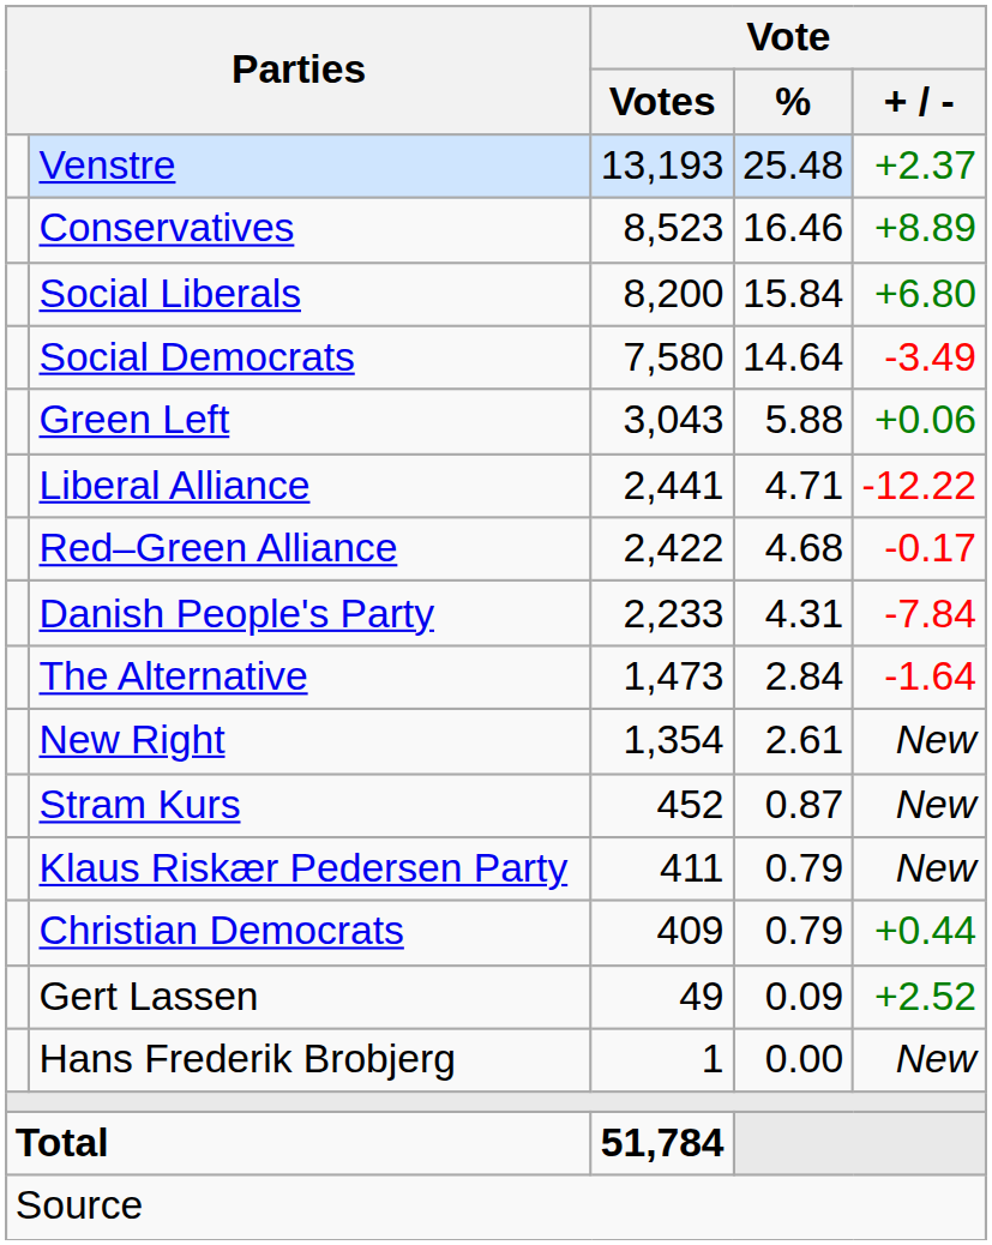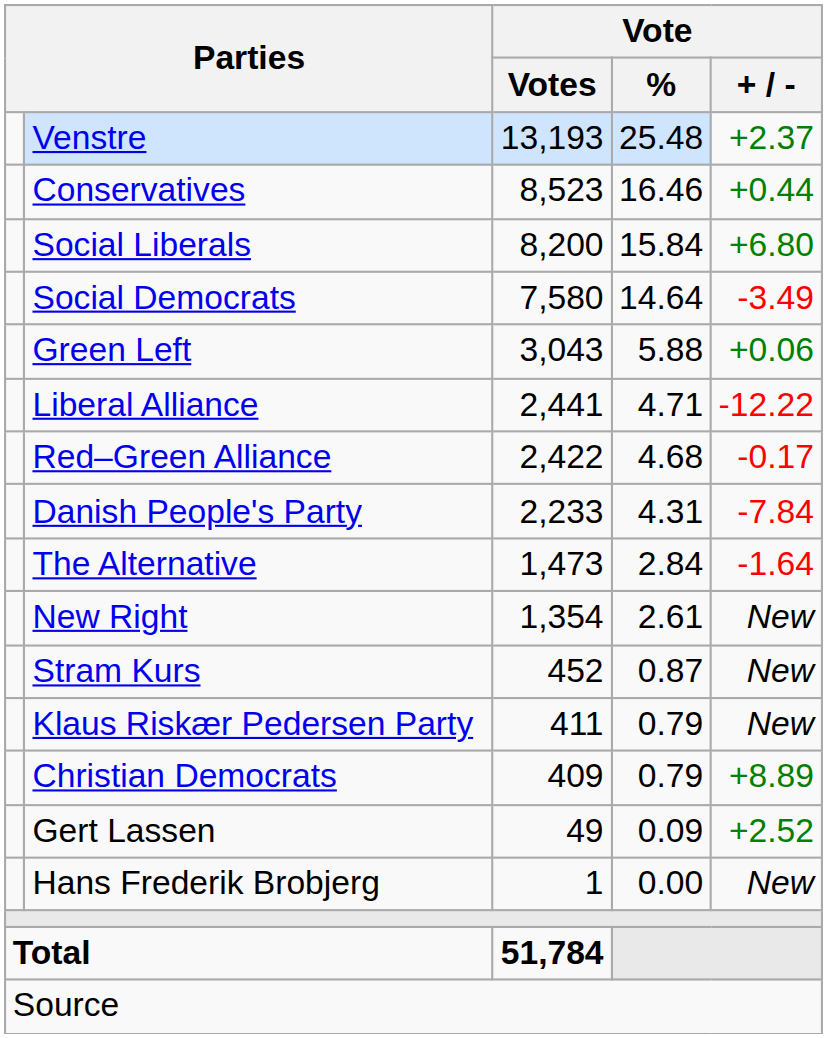 <table class="wikitable" style="text-align:right;">
 <tr>
 <th style="text-align:centre;" rowspan="2" colspan="2" width="225">Parties</th>
 <th colspan="3">Vote</th>
 </tr>
 <tr>
 <th width="15">Votes</th>
 <th width="15">%</th>
 <th width="15">+ / -</th>
 </tr>
 <tr>
 <td width="2" style="color:inherit;background:"></td>
 <td bgcolor=#cfe5fe  align="left"><a href='#'>Venstre</a></td>
 <td bgcolor=#cfe5fe>13,193</td>
 <td bgcolor=#cfe5fe>25.48</td>
 <td style=color:green;>+2.37</td>
 </tr>
 <tr>
 <td width="2" style="color:inherit;background:"></td>
 <td align="left"><a href='#'>Conservatives</a></td>
 <td>8,523</td>
 <td>16.46</td>
-<td style=color:green;>+8.89</td>
+<td style=color:green;>+0.44</td>
 </tr>
 <tr>
 <td width="2" style="color:inherit;background:"></td>
 <td align="left"><a href='#'>Social Liberals</a></td>
 <td>8,200</td>
 <td>15.84</td>
 <td style=color:green;>+6.80</td>
 </tr>
 <tr>
 <td width="2" style="color:inherit;background:"></td>
 <td align="left"><a href='#'>Social Democrats</a></td>
 <td>7,580</td>
 <td>14.64</td>
 <td style=color:red;>-3.49</td>
 </tr>
 <tr>
 <td width="2" style="color:inherit;background:"></td>
 <td align="left"><a href='#'>Green Left</a></td>
 <td>3,043</td>
 <td>5.88</td>
 <td style=color:green;>+0.06</td>
 </tr>
 <tr>
 <td width="2" style="color:inherit;background:"></td>
 <td align="left"><a href='#'>Liberal Alliance</a></td>
 <td>2,441</td>
 <td>4.71</td>
 <td style=color:red;>-12.22</td>
 </tr>
 <tr>
 <td width="2" style="color:inherit;background:"></td>
 <td align="left"><a href='#'>Red–Green Alliance</a></td>
 <td>2,422</td>
 <td>4.68</td>
 <td style=color:red;>-0.17</td>
 </tr>
 <tr>
 <td width="2" style="color:inherit;background:"></td>
 <td align="left"><a href='#'>Danish People's Party</a></td>
 <td>2,233</td>
 <td>4.31</td>
 <td style=color:red;>-7.84</td>
 </tr>
 <tr>
 <td width="2" style="color:inherit;background:"></td>
 <td align="left"><a href='#'>The Alternative</a></td>
 <td>1,473</td>
 <td>2.84</td>
 <td style=color:red;>-1.64</td>
 </tr>
 <tr>
 <td width="2" style="color:inherit;background:"></td>
 <td align="left"><a href='#'>New Right</a></td>
 <td>1,354</td>
 <td>2.61</td>
 <td><em>New</em></td>
 </tr>
 <tr>
 <td width="2" style="color:inherit;background:"></td>
 <td align="left"><a href='#'>Stram Kurs</a></td>
 <td>452</td>
 <td>0.87</td>
 <td><em>New</em></td>
 </tr>
 <tr>
 <td width="2" style="color:inherit;background:"></td>
 <td align="left"><a href='#'>Klaus Riskær Pedersen Party</a></td>
 <td>411</td>
 <td>0.79</td>
 <td><em>New</em></td>
 </tr>
 <tr>
 <td width="2" style="color:inherit;background:"></td>
 <td align="left"><a href='#'>Christian Democrats</a></td>
 <td>409</td>
 <td>0.79</td>
-<td style=color:green;>+0.44</td>
+<td style=color:green;>+8.89</td>
 </tr>
 <tr>
 <td width="2" style="color:inherit;background:"></td>
 <td align="left">Gert Lassen</td>
 <td>49</td>
 <td>0.09</td>
 <td style=color:green;>+2.52</td>
 </tr>
 <tr>
 <td width="2" style="color:inherit;background:"></td>
 <td align="left">Hans Frederik Brobjerg</td>
 <td>1</td>
 <td>0.00</td>
 <td><em>New</em></td>
 </tr>
 <tr>
 <td colspan="7" bgcolor="#E9E9E9"></td>
 </tr>
 <tr>
 <td align="left" colspan="2"><strong>Total</strong></td>
 <td><strong>51,784</strong></td>
 <td bgcolor="#E9E9E9" colspan="2"></td>
 </tr>
 <tr>
 <td align="left" colspan="6">Source</td>
 </tr>
 </table>
